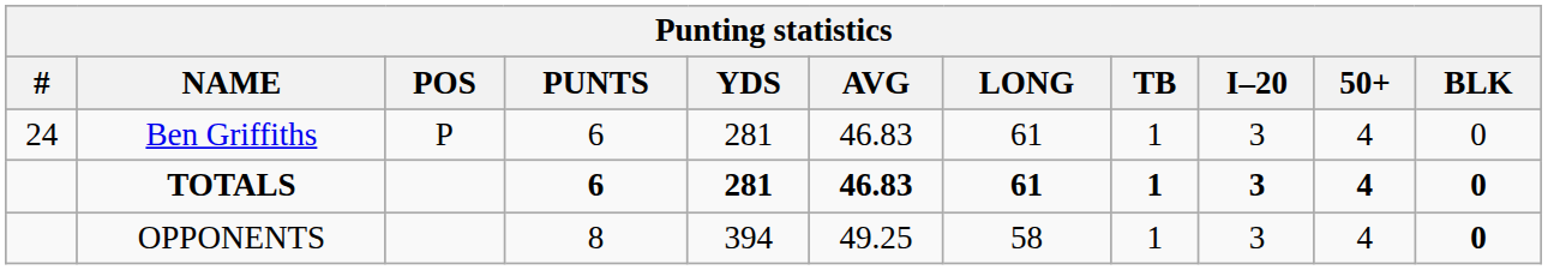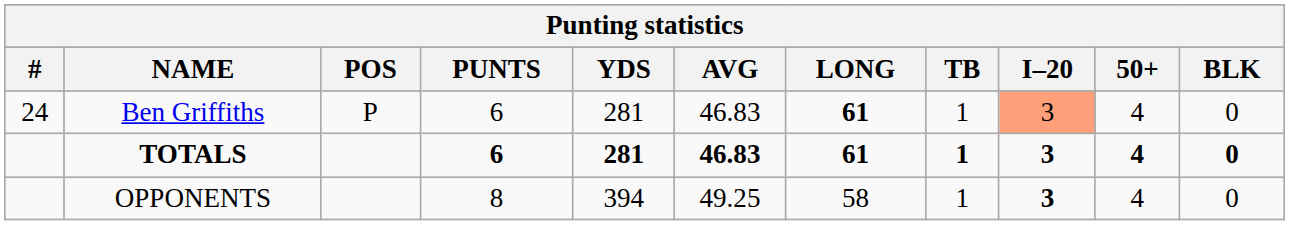 <table style="width:60%; text-align:center;" class="wikitable collapsible collapsed">
 <tr>
 <th colspan="12">Punting statistics</th>
 </tr>
 <tr>
 <th>#</th>
 <th>NAME</th>
 <th>POS</th>
 <th>PUNTS</th>
 <th>YDS</th>
 <th>AVG</th>
 <th>LONG</th>
 <th>TB</th>
 <th>I–20</th>
 <th>50+</th>
 <th>BLK</th>
 </tr>
 <tr>
 <td>24</td>
 <td><a href='#'>Ben Griffiths</a></td>
 <td>P</td>
 <td>6</td>
 <td>281</td>
 <td>46.83</td>
-<td>61</td>
+<td><strong>61</strong></td>
 <td>1</td>
-<td>3</td>
+<td style="background: lightsalmon;">3</td>
 <td>4</td>
 <td>0</td>
 </tr>
 <tr>
 <td></td>
 <td><strong>TOTALS</strong></td>
 <td></td>
 <td><strong>6</strong></td>
 <td><strong>281</strong></td>
 <td><strong>46.83</strong></td>
 <td><strong>61</strong></td>
 <td><strong>1</strong></td>
 <td><strong>3</strong></td>
 <td><strong>4</strong></td>
 <td><strong>0</strong></td>
 </tr>
 <tr>
 <td></td>
 <td>OPPONENTS</td>
 <td></td>
 <td>8</td>
 <td>394</td>
 <td>49.25</td>
 <td>58</td>
 <td>1</td>
-<td>3</td>
+<td><strong>3</strong></td>
 <td>4</td>
-<td><strong>0</strong></td>
+<td>0</td>
 </tr>
 </table>
